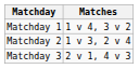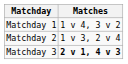 <table class="wikitable" style="text-align:center">
 <tr>
 <th>Matchday</th>
 <th>Matches</th>
 </tr>
 <tr>
 <td>Matchday 1</td>
 <td>1 v 4, 3 v 2</td>
 </tr>
 <tr>
 <td>Matchday 2</td>
 <td>1 v 3, 2 v 4</td>
 </tr>
 <tr>
 <td>Matchday 3</td>
-<td>2 v 1, 4 v 3</td>
+<td><strong>2 v 1, 4 v 3</strong></td>
 </tr>
 </table>
